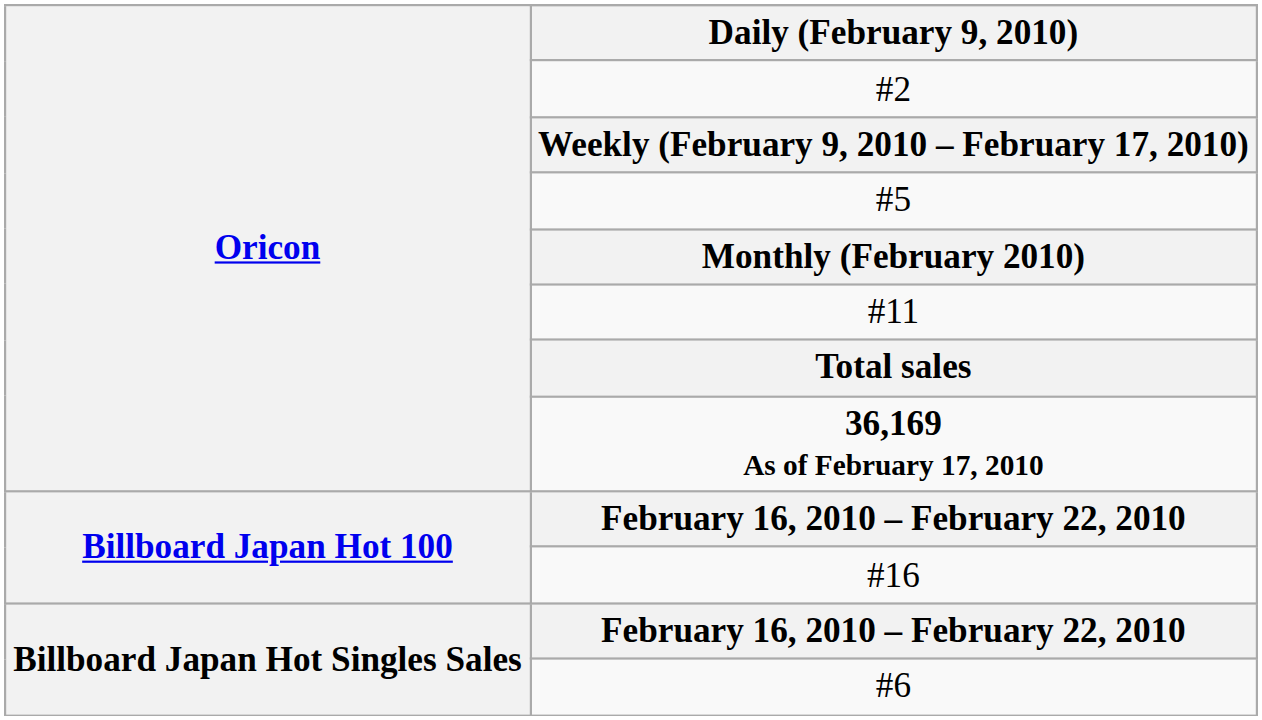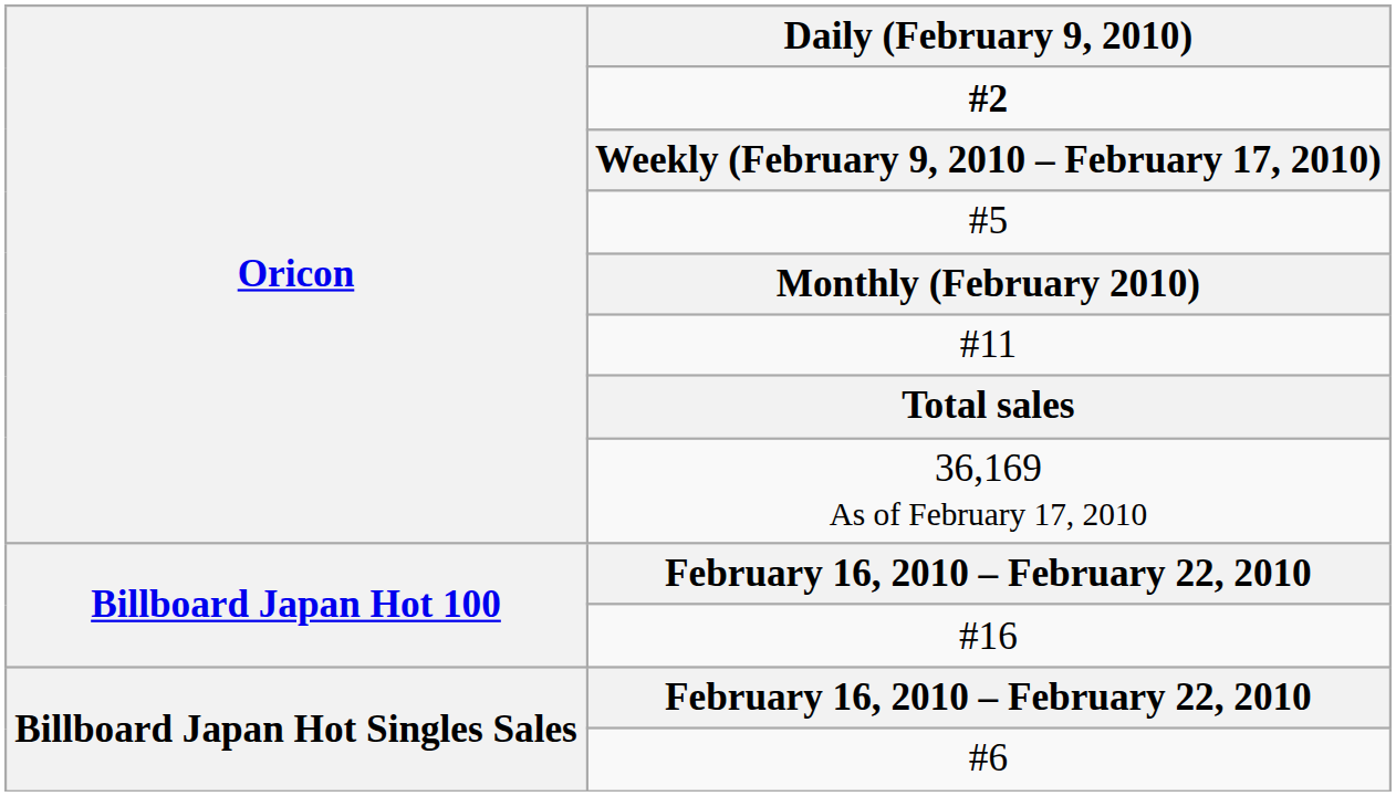 <table class="wikitable" style="text-align:center" cellpadding="2">
 <tr>
 <th rowspan=9><a href='#'>Oricon</a></th>
 </tr>
 <tr>
 <th>Daily (February 9, 2010)</th>
 </tr>
 <tr>
-<td>#2</td>
+<td><strong>#2</strong></td>
 </tr>
 <tr>
 <th>Weekly (February 9, 2010 – February 17, 2010)</th>
 </tr>
 <tr>
 <td>#5</td>
 </tr>
 <tr>
 <th>Monthly (February 2010)</th>
 </tr>
 <tr>
 <td>#11</td>
 </tr>
 <tr>
 <th>Total sales</th>
 </tr>
 <tr>
-<td><strong>36,169<br><small>As of February 17, 2010</small></strong></td>
+<td>36,169<br><small>As of February 17, 2010</small></td>
 </tr>
 <tr>
 <th rowspan=2><a href='#'>Billboard Japan Hot 100</a></th>
 <th>February 16, 2010 – February 22, 2010</th>
 </tr>
 <tr>
 <td>#16</td>
 </tr>
 <tr>
 <th rowspan=2>Billboard Japan Hot Singles Sales</th>
 <th>February 16, 2010 – February 22, 2010</th>
 </tr>
 <tr>
 <td>#6</td>
 </tr>
 </table>
